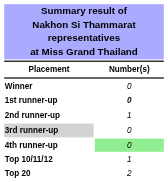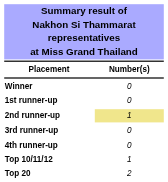 <table style="width: 270px; font-size:85%; line-height:1.5em;">
 <tr>
 <th colspan="2" align="center" style="background:#AAF;"><big>Summary result of<br>Nakhon Si Thammarat representatives<br>at Miss Grand Thailand</big></th>
 </tr>
 <tr>
 <td colspan="2" style="background:black"></td>
 </tr>
 <tr>
 <th scope="col">Placement</th>
 <th scope="col">Number(s)</th>
 </tr>
 <tr>
 <td colspan="2" style="background:black"></td>
 </tr>
 <tr>
 <td align="left"><strong>Winner</strong></td>
 <td align="center"><em>0</em></td>
 </tr>
 <tr>
 <td align="left"><strong>1st runner-up</strong></td>
-<td align="center"><strong><em>0</em></strong></td>
+<td align="center"><em>0</em></td>
 </tr>
 <tr>
 <td align="left"><strong>2nd runner-up</strong></td>
-<td align="center"><em>1</em></td>
+<td align="center" style="background: khaki;"><em>1</em></td>
 </tr>
 <tr>
-<td align="left" style="background: lightgrey;"><strong>3rd runner-up</strong></td>
+<td align="left"><strong>3rd runner-up</strong></td>
 <td align="center"><em>0</em></td>
 </tr>
 <tr>
 <td align="left"><strong>4th runner-up</strong></td>
-<td align="center" style="background: lightgreen;"><em>0</em></td>
+<td align="center"><em>0</em></td>
 </tr>
 <tr>
 <td align="left"><strong>Top 10/11/12</strong></td>
 <td align="center"><em>1</em></td>
 </tr>
 <tr>
 <td align="left"><strong>Top 20</strong></td>
 <td align="center"><em>2</em></td>
 </tr>
 </table>
